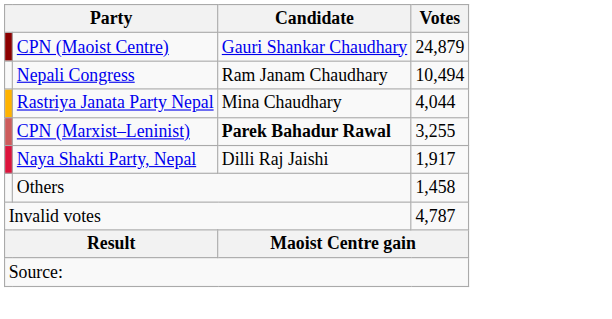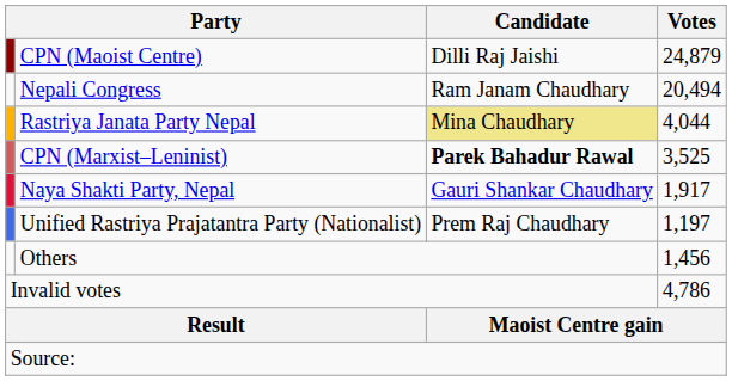 <table class="wikitable">
 <tr>
 <th colspan="2">Party</th>
 <th>Candidate</th>
 <th>Votes</th>
 </tr>
 <tr>
 <td style="background-color:darkred"></td>
 <td><a href='#'>CPN (Maoist Centre)</a></td>
-<td><a href='#'>Gauri Shankar Chaudhary</a></td>
+<td>Dilli Raj Jaishi</td>
 <td>24,879</td>
 </tr>
 <tr>
 <td style="background-color:"></td>
 <td><a href='#'>Nepali Congress</a></td>
 <td>Ram Janam Chaudhary</td>
-<td>10,494</td>
+<td>20,494</td>
 </tr>
 <tr>
 <td style="background-color:#ffb300"></td>
 <td><a href='#'>Rastriya Janata Party Nepal</a></td>
-<td>Mina Chaudhary</td>
+<td style="background: khaki;">Mina Chaudhary</td>
 <td>4,044</td>
 </tr>
 <tr>
 <td style="background-color:indianred"></td>
 <td><a href='#'>CPN (Marxist–Leninist)</a></td>
 <td><strong>Parek Bahadur Rawal</strong></td>
-<td>3,255</td>
+<td>3,525</td>
 </tr>
 <tr>
 <td style="background-color:crimson"></td>
 <td><a href='#'>Naya Shakti Party, Nepal</a></td>
-<td>Dilli Raj Jaishi</td>
+<td><a href='#'>Gauri Shankar Chaudhary</a></td>
 <td>1,917</td>
+</tr>
+<tr>
+<td style="background-color:royalblue"></td>
+<td>Unified Rastriya Prajatantra Party (Nationalist)</td>
+<td>Prem Raj Chaudhary</td>
+<td>1,197</td>
 </tr>
 <tr>
 <td></td>
 <td colspan="2">Others</td>
-<td>1,458</td>
+<td>1,456</td>
 </tr>
 <tr>
 <td colspan="3">Invalid votes</td>
-<td>4,787</td>
+<td>4,786</td>
 </tr>
 <tr>
 <th colspan="2">Result</th>
 <th colspan="2">Maoist Centre gain</th>
 </tr>
 <tr>
 <td colspan="4">Source: </td>
 </tr>
 </table>
